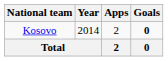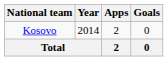 <table class="wikitable" style="text-align:center">
 <tr>
 <th>National team</th>
 <th>Year</th>
 <th>Apps</th>
 <th>Goals</th>
 </tr>
 <tr>
 <td><a href='#'>Kosovo</a></td>
 <td>2014</td>
 <td>2</td>
-<td><strong>0</strong></td>
+<td>0</td>
 </tr>
 <tr>
 <th colspan="2">Total</th>
 <th>2</th>
 <th>0</th>
 </tr>
 </table>
